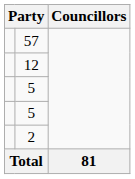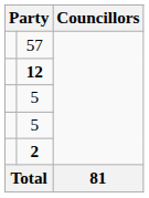 <table class="wikitable">
 <tr>
 <th colspan="2">Party</th>
 <th>Councillors</th>
 </tr>
 <tr>
 <td></td>
 <td align=center>57</td>
 </tr>
 <tr>
 <td></td>
-<td align=center>12</td>
+<td align=center><strong>12</strong></td>
 </tr>
 <tr>
 <td></td>
 <td align=center>5</td>
 </tr>
 <tr>
 <td></td>
 <td align=center>5</td>
 </tr>
 <tr>
 <td></td>
-<td align=center>2</td>
+<td align=center><strong>2</strong></td>
 </tr>
 <tr>
 <th colspan=2>Total</th>
 <th>81</th>
 </tr>
 </table>
